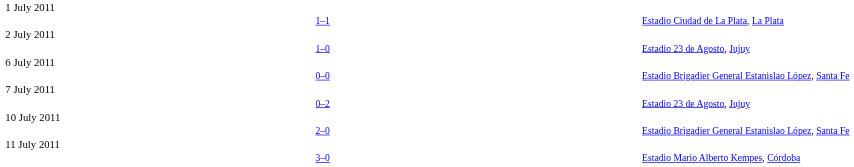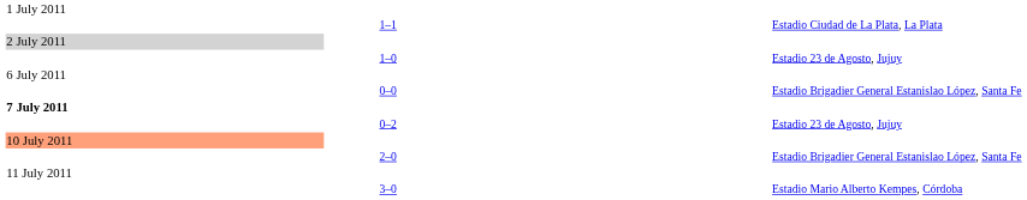 <table style="width:100%" cellspacing="1">
 <tr>
 <th width=25%></th>
 <th width=10%></th>
 <th width=25%></th>
 </tr>
 <tr>
 <td>1 July 2011</td>
 </tr>
 <tr style=font-size:90%>
 <td align=right></td>
 <td align=center><a href='#'>1–1</a></td>
 <td></td>
 <td><a href='#'>Estadio Ciudad de La Plata</a>, <a href='#'>La Plata</a></td>
 </tr>
 <tr>
-<td>2 July 2011</td>
+<td style="background: lightgrey;">2 July 2011</td>
 </tr>
 <tr style=font-size:90%>
 <td align=right></td>
 <td align=center><a href='#'>1–0</a></td>
 <td></td>
 <td><a href='#'>Estadio 23 de Agosto</a>, <a href='#'>Jujuy</a></td>
 </tr>
 <tr>
 <td>6 July 2011</td>
 </tr>
 <tr style=font-size:90%>
 <td align=right></td>
 <td align=center><a href='#'>0–0</a></td>
 <td></td>
 <td><a href='#'>Estadio Brigadier General Estanislao López</a>, <a href='#'>Santa Fe</a></td>
 </tr>
 <tr>
-<td>7 July 2011</td>
+<td><strong>7 July 2011</strong></td>
 </tr>
 <tr style=font-size:90%>
 <td align=right></td>
 <td align=center><a href='#'>0–2</a></td>
 <td></td>
 <td><a href='#'>Estadio 23 de Agosto</a>, <a href='#'>Jujuy</a></td>
 </tr>
 <tr>
-<td>10 July 2011</td>
+<td style="background: lightsalmon;">10 July 2011</td>
 </tr>
 <tr style=font-size:90%>
 <td align=right></td>
 <td align=center><a href='#'>2–0</a></td>
 <td></td>
 <td><a href='#'>Estadio Brigadier General Estanislao López</a>, <a href='#'>Santa Fe</a></td>
 </tr>
 <tr>
 <td>11 July 2011</td>
 </tr>
 <tr style=font-size:90%>
 <td align=right></td>
 <td align=center><a href='#'>3–0</a></td>
 <td></td>
 <td><a href='#'>Estadio Mario Alberto Kempes</a>, <a href='#'>Córdoba</a></td>
 </tr>
 </table>
